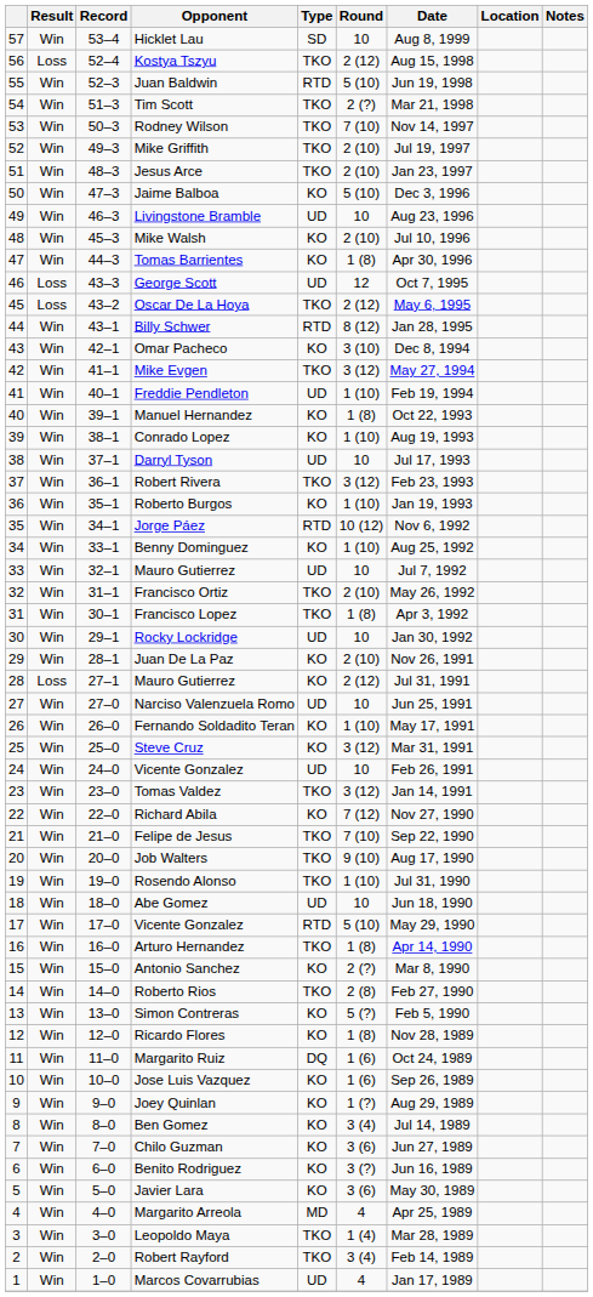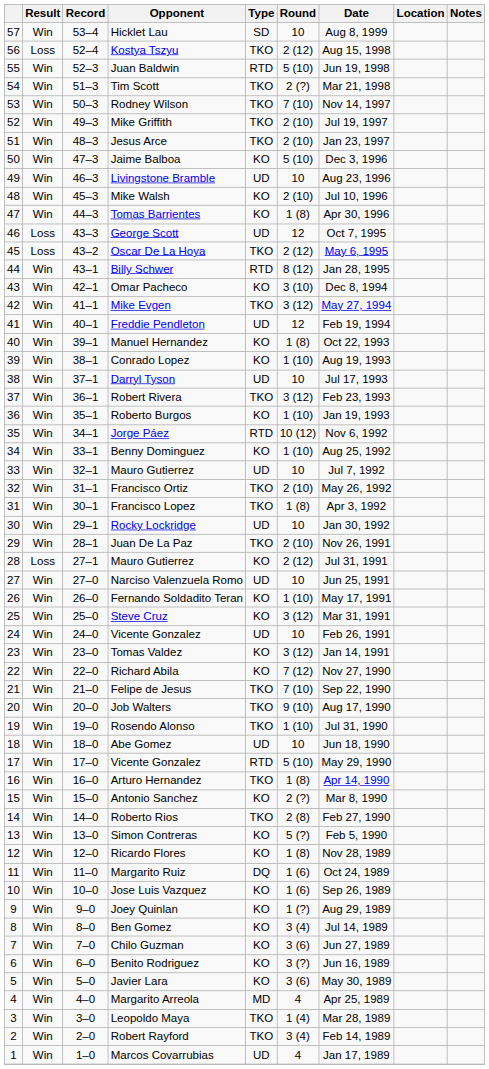 <table class="wikitable" style="text-align:center">
 <tr>
 <th></th>
 <th>Result</th>
 <th>Record</th>
 <th>Opponent</th>
 <th>Type</th>
 <th>Round</th>
 <th>Date</th>
 <th>Location</th>
 <th>Notes</th>
 </tr>
 <tr>
 <td>57</td>
 <td>Win</td>
 <td>53–4</td>
 <td align=left>Hicklet Lau</td>
 <td>SD</td>
 <td>10</td>
 <td>Aug 8, 1999</td>
 <td style="text-align:left;"></td>
 <td></td>
 </tr>
 <tr>
 <td>56</td>
 <td>Loss</td>
 <td>52–4</td>
 <td align=left><a href='#'>Kostya Tszyu</a></td>
 <td>TKO</td>
 <td>2 (12)</td>
 <td>Aug 15, 1998</td>
 <td style="text-align:left;"></td>
 <td></td>
 </tr>
 <tr>
 <td>55</td>
 <td>Win</td>
 <td>52–3</td>
 <td align=left>Juan Baldwin</td>
 <td>RTD</td>
 <td>5 (10)</td>
 <td>Jun 19, 1998</td>
 <td style="text-align:left;"></td>
 <td></td>
 </tr>
 <tr>
 <td>54</td>
 <td>Win</td>
 <td>51–3</td>
 <td align=left>Tim Scott</td>
 <td>TKO</td>
 <td>2 (?)</td>
 <td>Mar 21, 1998</td>
 <td style="text-align:left;"></td>
 <td></td>
 </tr>
 <tr>
 <td>53</td>
 <td>Win</td>
 <td>50–3</td>
 <td align=left>Rodney Wilson</td>
 <td>TKO</td>
 <td>7 (10)</td>
 <td>Nov 14, 1997</td>
 <td style="text-align:left;"></td>
 <td></td>
 </tr>
 <tr>
 <td>52</td>
 <td>Win</td>
 <td>49–3</td>
 <td align=left>Mike Griffith</td>
 <td>TKO</td>
 <td>2 (10)</td>
 <td>Jul 19, 1997</td>
 <td style="text-align:left;"></td>
 <td></td>
 </tr>
 <tr>
 <td>51</td>
 <td>Win</td>
 <td>48–3</td>
 <td align=left>Jesus Arce</td>
 <td>TKO</td>
 <td>2 (10)</td>
 <td>Jan 23, 1997</td>
 <td style="text-align:left;"></td>
 <td></td>
 </tr>
 <tr>
 <td>50</td>
 <td>Win</td>
 <td>47–3</td>
 <td align=left>Jaime Balboa</td>
 <td>KO</td>
 <td>5 (10)</td>
 <td>Dec 3, 1996</td>
 <td style="text-align:left;"></td>
 <td></td>
 </tr>
 <tr>
 <td>49</td>
 <td>Win</td>
 <td>46–3</td>
 <td align=left><a href='#'>Livingstone Bramble</a></td>
 <td>UD</td>
 <td>10</td>
 <td>Aug 23, 1996</td>
 <td style="text-align:left;"></td>
 <td></td>
 </tr>
 <tr>
 <td>48</td>
 <td>Win</td>
 <td>45–3</td>
 <td align=left>Mike Walsh</td>
 <td>KO</td>
 <td>2 (10)</td>
 <td>Jul 10, 1996</td>
 <td style="text-align:left;"></td>
 <td></td>
 </tr>
 <tr>
 <td>47</td>
 <td>Win</td>
 <td>44–3</td>
 <td align=left><a href='#'>Tomas Barrientes</a></td>
 <td>KO</td>
 <td>1 (8)</td>
 <td>Apr 30, 1996</td>
 <td style="text-align:left;"></td>
 <td></td>
 </tr>
 <tr>
 <td>46</td>
 <td>Loss</td>
 <td>43–3</td>
 <td align=left><a href='#'>George Scott</a></td>
 <td>UD</td>
 <td>12</td>
 <td>Oct 7, 1995</td>
 <td style="text-align:left;"></td>
 <td style="text-align:left;"></td>
 </tr>
 <tr>
 <td>45</td>
 <td>Loss</td>
 <td>43–2</td>
 <td align=left><a href='#'>Oscar De La Hoya</a></td>
 <td>TKO</td>
 <td>2 (12)</td>
 <td><a href='#'>May 6, 1995</a></td>
 <td style="text-align:left;"></td>
 <td style="text-align:left;"></td>
 </tr>
 <tr>
 <td>44</td>
 <td>Win</td>
 <td>43–1</td>
 <td align=left><a href='#'>Billy Schwer</a></td>
 <td>RTD</td>
 <td>8 (12)</td>
 <td>Jan 28, 1995</td>
 <td style="text-align:left;"></td>
 <td style="text-align:left;"></td>
 </tr>
 <tr>
 <td>43</td>
 <td>Win</td>
 <td>42–1</td>
 <td align=left>Omar Pacheco</td>
 <td>KO</td>
 <td>3 (10)</td>
 <td>Dec 8, 1994</td>
 <td style="text-align:left;"></td>
 <td></td>
 </tr>
 <tr>
 <td>42</td>
 <td>Win</td>
 <td>41–1</td>
 <td align=left><a href='#'>Mike Evgen</a></td>
 <td>TKO</td>
 <td>3 (12)</td>
 <td><a href='#'>May 27, 1994</a></td>
 <td style="text-align:left;"></td>
 <td style="text-align:left;"></td>
 </tr>
 <tr>
 <td>41</td>
 <td>Win</td>
 <td>40–1</td>
 <td align=left><a href='#'>Freddie Pendleton</a></td>
 <td>UD</td>
-<td>1 (10)</td>
+<td>12</td>
 <td>Feb 19, 1994</td>
 <td style="text-align:left;"></td>
 <td style="text-align:left;"></td>
 </tr>
 <tr>
 <td>40</td>
 <td>Win</td>
 <td>39–1</td>
 <td align=left>Manuel Hernandez</td>
 <td>KO</td>
 <td>1 (8)</td>
 <td>Oct 22, 1993</td>
 <td style="text-align:left;"></td>
 <td></td>
 </tr>
 <tr>
 <td>39</td>
 <td>Win</td>
 <td>38–1</td>
 <td align=left>Conrado Lopez</td>
 <td>KO</td>
 <td>1 (10)</td>
 <td>Aug 19, 1993</td>
 <td style="text-align:left;"></td>
 <td></td>
 </tr>
 <tr>
 <td>38</td>
 <td>Win</td>
 <td>37–1</td>
 <td align=left><a href='#'>Darryl Tyson</a></td>
 <td>UD</td>
 <td>10</td>
 <td>Jul 17, 1993</td>
 <td style="text-align:left;"></td>
 <td></td>
 </tr>
 <tr>
 <td>37</td>
 <td>Win</td>
 <td>36–1</td>
 <td align=left>Robert Rivera</td>
 <td>TKO</td>
 <td>3 (12)</td>
 <td>Feb 23, 1993</td>
 <td style="text-align:left;"></td>
 <td style="text-align:left;"></td>
 </tr>
 <tr>
 <td>36</td>
 <td>Win</td>
 <td>35–1</td>
 <td align=left>Roberto Burgos</td>
 <td>KO</td>
 <td>1 (10)</td>
 <td>Jan 19, 1993</td>
 <td style="text-align:left;"></td>
 <td style="text-align:left;"></td>
 </tr>
 <tr>
 <td>35</td>
 <td>Win</td>
 <td>34–1</td>
 <td align=left><a href='#'>Jorge Páez</a></td>
 <td>RTD</td>
 <td>10 (12)</td>
 <td>Nov 6, 1992</td>
 <td style="text-align:left;"></td>
 <td style="text-align:left;"></td>
 </tr>
 <tr>
 <td>34</td>
 <td>Win</td>
 <td>33–1</td>
 <td align=left>Benny Dominguez</td>
 <td>KO</td>
 <td>1 (10)</td>
 <td>Aug 25, 1992</td>
 <td style="text-align:left;"></td>
 <td></td>
 </tr>
 <tr>
 <td>33</td>
 <td>Win</td>
 <td>32–1</td>
 <td align=left>Mauro Gutierrez</td>
 <td>UD</td>
 <td>10</td>
 <td>Jul 7, 1992</td>
 <td style="text-align:left;"></td>
 <td></td>
 </tr>
 <tr>
 <td>32</td>
 <td>Win</td>
 <td>31–1</td>
 <td align=left>Francisco Ortiz</td>
 <td>TKO</td>
 <td>2 (10)</td>
 <td>May 26, 1992</td>
 <td style="text-align:left;"></td>
 <td></td>
 </tr>
 <tr>
 <td>31</td>
 <td>Win</td>
 <td>30–1</td>
 <td align=left>Francisco Lopez</td>
 <td>TKO</td>
 <td>1 (8)</td>
 <td>Apr 3, 1992</td>
 <td style="text-align:left;"></td>
 <td></td>
 </tr>
 <tr>
 <td>30</td>
 <td>Win</td>
 <td>29–1</td>
 <td align=left><a href='#'>Rocky Lockridge</a></td>
 <td>UD</td>
 <td>10</td>
 <td>Jan 30, 1992</td>
 <td style="text-align:left;"></td>
 <td></td>
 </tr>
 <tr>
 <td>29</td>
 <td>Win</td>
 <td>28–1</td>
 <td align=left>Juan De La Paz</td>
-<td>KO</td>
+<td>TKO</td>
 <td>2 (10)</td>
 <td>Nov 26, 1991</td>
 <td style="text-align:left;"></td>
 <td></td>
 </tr>
 <tr>
 <td>28</td>
 <td>Loss</td>
 <td>27–1</td>
 <td align=left>Mauro Gutierrez</td>
 <td>KO</td>
 <td>2 (12)</td>
 <td>Jul 31, 1991</td>
 <td style="text-align:left;"></td>
 <td style="text-align:left;"></td>
 </tr>
 <tr>
 <td>27</td>
 <td>Win</td>
 <td>27–0</td>
 <td align=left>Narciso Valenzuela Romo</td>
 <td>UD</td>
 <td>10</td>
 <td>Jun 25, 1991</td>
 <td style="text-align:left;"></td>
 <td></td>
 </tr>
 <tr>
 <td>26</td>
 <td>Win</td>
 <td>26–0</td>
 <td align=left>Fernando Soldadito Teran</td>
 <td>KO</td>
 <td>1 (10)</td>
 <td>May 17, 1991</td>
 <td style="text-align:left;"></td>
 <td></td>
 </tr>
 <tr>
 <td>25</td>
 <td>Win</td>
 <td>25–0</td>
 <td align=left><a href='#'>Steve Cruz</a></td>
 <td>KO</td>
 <td>3 (12)</td>
 <td>Mar 31, 1991</td>
 <td style="text-align:left;"></td>
 <td style="text-align:left;"></td>
 </tr>
 <tr>
 <td>24</td>
 <td>Win</td>
 <td>24–0</td>
 <td align=left>Vicente Gonzalez</td>
 <td>UD</td>
 <td>10</td>
 <td>Feb 26, 1991</td>
 <td style="text-align:left;"></td>
 <td></td>
 </tr>
 <tr>
 <td>23</td>
 <td>Win</td>
 <td>23–0</td>
 <td align=left>Tomas Valdez</td>
-<td>TKO</td>
+<td>KO</td>
 <td>3 (12)</td>
 <td>Jan 14, 1991</td>
 <td style="text-align:left;"></td>
 <td style="text-align:left;"></td>
 </tr>
 <tr>
 <td>22</td>
 <td>Win</td>
 <td>22–0</td>
 <td align=left>Richard Abila</td>
 <td>KO</td>
 <td>7 (12)</td>
 <td>Nov 27, 1990</td>
 <td style="text-align:left;"></td>
 <td style="text-align:left;"></td>
 </tr>
 <tr>
 <td>21</td>
 <td>Win</td>
 <td>21–0</td>
 <td align=left>Felipe de Jesus</td>
 <td>TKO</td>
 <td>7 (10)</td>
 <td>Sep 22, 1990</td>
 <td style="text-align:left;"></td>
 <td></td>
 </tr>
 <tr>
 <td>20</td>
 <td>Win</td>
 <td>20–0</td>
 <td align=left>Job Walters</td>
 <td>TKO</td>
 <td>9 (10)</td>
 <td>Aug 17, 1990</td>
 <td style="text-align:left;"></td>
 <td></td>
 </tr>
 <tr>
 <td>19</td>
 <td>Win</td>
 <td>19–0</td>
 <td align=left>Rosendo Alonso</td>
 <td>TKO</td>
 <td>1 (10)</td>
 <td>Jul 31, 1990</td>
 <td style="text-align:left;"></td>
 <td></td>
 </tr>
 <tr>
 <td>18</td>
 <td>Win</td>
 <td>18–0</td>
 <td align=left>Abe Gomez</td>
 <td>UD</td>
 <td>10</td>
 <td>Jun 18, 1990</td>
 <td style="text-align:left;"></td>
 <td></td>
 </tr>
 <tr>
 <td>17</td>
 <td>Win</td>
 <td>17–0</td>
 <td align=left>Vicente Gonzalez</td>
 <td>RTD</td>
 <td>5 (10)</td>
 <td>May 29, 1990</td>
 <td style="text-align:left;"></td>
 <td></td>
 </tr>
 <tr>
 <td>16</td>
 <td>Win</td>
 <td>16–0</td>
 <td align=left>Arturo Hernandez</td>
 <td>TKO</td>
 <td>1 (8)</td>
 <td><a href='#'>Apr 14, 1990</a></td>
 <td style="text-align:left;"></td>
 <td></td>
 </tr>
 <tr>
 <td>15</td>
 <td>Win</td>
 <td>15–0</td>
 <td align=left>Antonio Sanchez</td>
 <td>KO</td>
 <td>2 (?)</td>
 <td>Mar 8, 1990</td>
 <td style="text-align:left;"></td>
 <td></td>
 </tr>
 <tr>
 <td>14</td>
 <td>Win</td>
 <td>14–0</td>
 <td align=left>Roberto Rios</td>
 <td>TKO</td>
 <td>2 (8)</td>
 <td>Feb 27, 1990</td>
 <td style="text-align:left;"></td>
 <td></td>
 </tr>
 <tr>
 <td>13</td>
 <td>Win</td>
 <td>13–0</td>
 <td align=left>Simon Contreras</td>
 <td>KO</td>
 <td>5 (?)</td>
 <td>Feb 5, 1990</td>
 <td style="text-align:left;"></td>
 <td></td>
 </tr>
 <tr>
 <td>12</td>
 <td>Win</td>
 <td>12–0</td>
 <td align=left>Ricardo Flores</td>
 <td>KO</td>
 <td>1 (8)</td>
 <td>Nov 28, 1989</td>
 <td style="text-align:left;"></td>
 <td></td>
 </tr>
 <tr>
 <td>11</td>
 <td>Win</td>
 <td>11–0</td>
 <td align=left>Margarito Ruiz</td>
 <td>DQ</td>
 <td>1 (6)</td>
 <td>Oct 24, 1989</td>
 <td style="text-align:left;"></td>
 <td></td>
 </tr>
 <tr>
 <td>10</td>
 <td>Win</td>
 <td>10–0</td>
 <td align=left>Jose Luis Vazquez</td>
 <td>KO</td>
 <td>1 (6)</td>
 <td>Sep 26, 1989</td>
 <td style="text-align:left;"></td>
 <td></td>
 </tr>
 <tr>
 <td>9</td>
 <td>Win</td>
 <td>9–0</td>
 <td align=left>Joey Quinlan</td>
 <td>KO</td>
 <td>1 (?)</td>
 <td>Aug 29, 1989</td>
 <td style="text-align:left;"></td>
 <td></td>
 </tr>
 <tr>
 <td>8</td>
 <td>Win</td>
 <td>8–0</td>
 <td align=left>Ben Gomez</td>
 <td>KO</td>
 <td>3 (4)</td>
 <td>Jul 14, 1989</td>
 <td style="text-align:left;"></td>
 <td></td>
 </tr>
 <tr>
 <td>7</td>
 <td>Win</td>
 <td>7–0</td>
 <td align=left>Chilo Guzman</td>
 <td>KO</td>
 <td>3 (6)</td>
 <td>Jun 27, 1989</td>
 <td style="text-align:left;"></td>
 <td></td>
 </tr>
 <tr>
 <td>6</td>
 <td>Win</td>
 <td>6–0</td>
 <td align=left>Benito Rodriguez</td>
 <td>KO</td>
 <td>3 (?)</td>
 <td>Jun 16, 1989</td>
 <td style="text-align:left;"></td>
 <td></td>
 </tr>
 <tr>
 <td>5</td>
 <td>Win</td>
 <td>5–0</td>
 <td align=left>Javier Lara</td>
 <td>KO</td>
 <td>3 (6)</td>
 <td>May 30, 1989</td>
 <td style="text-align:left;"></td>
 <td></td>
 </tr>
 <tr>
 <td>4</td>
 <td>Win</td>
 <td>4–0</td>
 <td align=left>Margarito Arreola</td>
 <td>MD</td>
 <td>4</td>
 <td>Apr 25, 1989</td>
 <td style="text-align:left;"></td>
 <td></td>
 </tr>
 <tr>
 <td>3</td>
 <td>Win</td>
 <td>3–0</td>
 <td align=left>Leopoldo Maya</td>
 <td>TKO</td>
 <td>1 (4)</td>
 <td>Mar 28, 1989</td>
 <td style="text-align:left;"></td>
 <td></td>
 </tr>
 <tr>
 <td>2</td>
 <td>Win</td>
 <td>2–0</td>
 <td align=left>Robert Rayford</td>
 <td>TKO</td>
 <td>3 (4)</td>
 <td>Feb 14, 1989</td>
 <td style="text-align:left;"></td>
 <td></td>
 </tr>
 <tr>
 <td>1</td>
 <td>Win</td>
 <td>1–0</td>
 <td align=left>Marcos Covarrubias</td>
 <td>UD</td>
 <td>4</td>
 <td>Jan 17, 1989</td>
 <td style="text-align:left;"></td>
 <td></td>
 </tr>
 <tr>
 </tr>
 </table>
